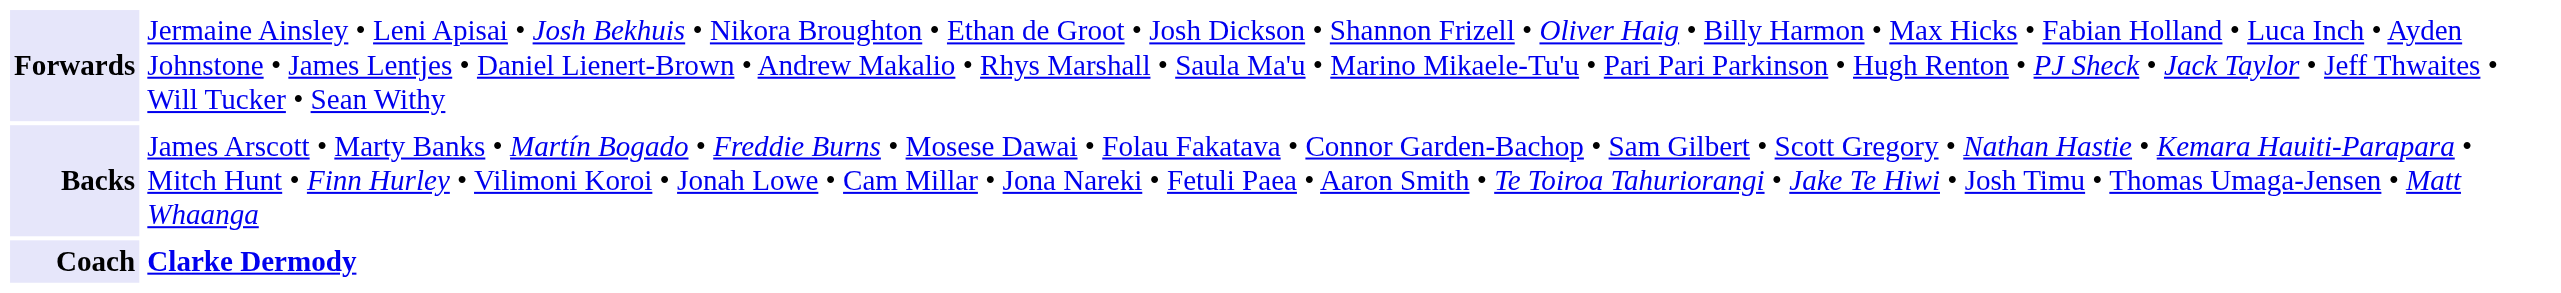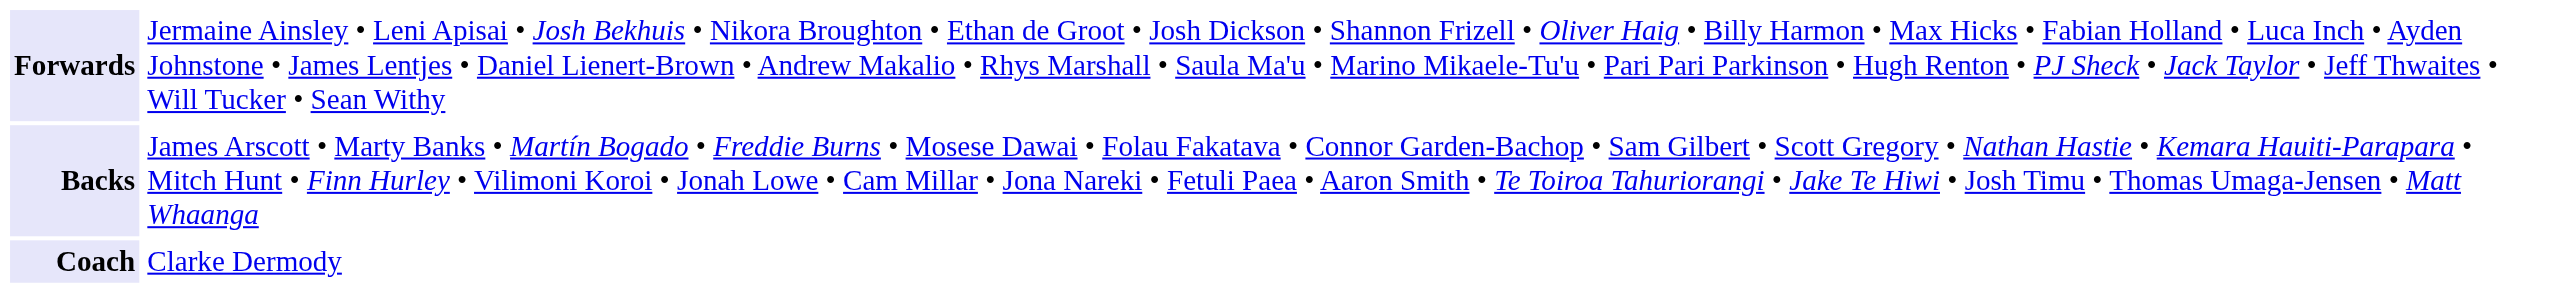 <table cellpadding="2" style="border: 1px solid white; font-size:90%;">
 <tr>
 <td style="text-align:right;" bgcolor="lavender"><strong>Forwards</strong></td>
 <td style="text-align:left;"><a href='#'>Jermaine Ainsley</a> • <a href='#'>Leni Apisai</a> • <em><a href='#'>Josh Bekhuis</a></em> • <a href='#'>Nikora Broughton</a> • <a href='#'>Ethan de Groot</a> • <a href='#'>Josh Dickson</a> • <a href='#'>Shannon Frizell</a> • <em><a href='#'>Oliver Haig</a></em> • <a href='#'>Billy Harmon</a> • <a href='#'>Max Hicks</a> • <a href='#'>Fabian Holland</a> • <a href='#'>Luca Inch</a> • <a href='#'>Ayden Johnstone</a> • <a href='#'>James Lentjes</a> • <a href='#'>Daniel Lienert-Brown</a> • <a href='#'>Andrew Makalio</a> • <a href='#'>Rhys Marshall</a> • <a href='#'>Saula Ma'u</a> • <a href='#'>Marino Mikaele-Tu'u</a> • <a href='#'>Pari Pari Parkinson</a> • <a href='#'>Hugh Renton</a> • <em><a href='#'>PJ Sheck</a></em> • <em><a href='#'>Jack Taylor</a></em> • <a href='#'>Jeff Thwaites</a> • <a href='#'>Will Tucker</a> • <a href='#'>Sean Withy</a></td>
 </tr>
 <tr>
 <td style="text-align:right;" bgcolor="lavender"><strong>Backs</strong></td>
 <td style="text-align:left;"><a href='#'>James Arscott</a> • <a href='#'>Marty Banks</a> • <em><a href='#'>Martín Bogado</a></em> • <em><a href='#'>Freddie Burns</a></em> • <a href='#'>Mosese Dawai</a> • <a href='#'>Folau Fakatava</a> • <a href='#'>Connor Garden-Bachop</a> • <a href='#'>Sam Gilbert</a> • <a href='#'>Scott Gregory</a> • <em><a href='#'>Nathan Hastie</a></em> • <em><a href='#'>Kemara Hauiti-Parapara</a></em> • <a href='#'>Mitch Hunt</a> • <em><a href='#'>Finn Hurley</a></em> • <a href='#'>Vilimoni Koroi</a> • <a href='#'>Jonah Lowe</a> • <a href='#'>Cam Millar</a> • <a href='#'>Jona Nareki</a> • <a href='#'>Fetuli Paea</a> • <a href='#'>Aaron Smith</a> • <em><a href='#'>Te Toiroa Tahuriorangi</a></em> • <em><a href='#'>Jake Te Hiwi</a></em> • <a href='#'>Josh Timu</a> • <a href='#'>Thomas Umaga-Jensen</a> • <em><a href='#'>Matt Whaanga</a></em></td>
 </tr>
 <tr>
 <td style="text-align:right;" bgcolor="lavender"><strong>Coach</strong></td>
-<td style="text-align:left;"><strong><a href='#'>Clarke Dermody</a></strong></td>
+<td style="text-align:left;"><a href='#'>Clarke Dermody</a></td>
 </tr>
 </table>
